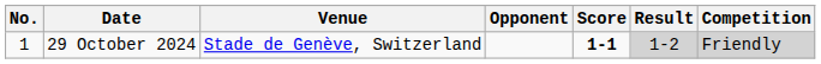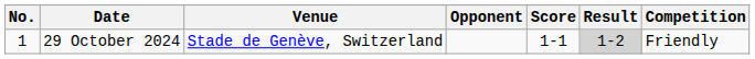 <table class="wikitable sortable">
 <tr>
 </tr>
 <tr>
 <th scope="col">No.</th>
 <th scope="col">Date</th>
 <th scope="col">Venue</th>
 <th scope="col">Opponent</th>
 <th scope="col">Score</th>
 <th scope="col">Result</th>
 <th scope="col">Competition</th>
 </tr>
 <tr>
 <td align="center">1</td>
 <td>29 October 2024</td>
 <td><a href='#'>Stade de Genève</a>, Switzerland</td>
 <td></td>
-<td align="center"><strong>1-1</strong></td>
+<td align="center">1-1</td>
 <td align="center" style="background: lightgrey;">1-2</td>
-<td style="background: lightgrey;">Friendly</td>
+<td>Friendly</td>
 </tr>
 </table>
